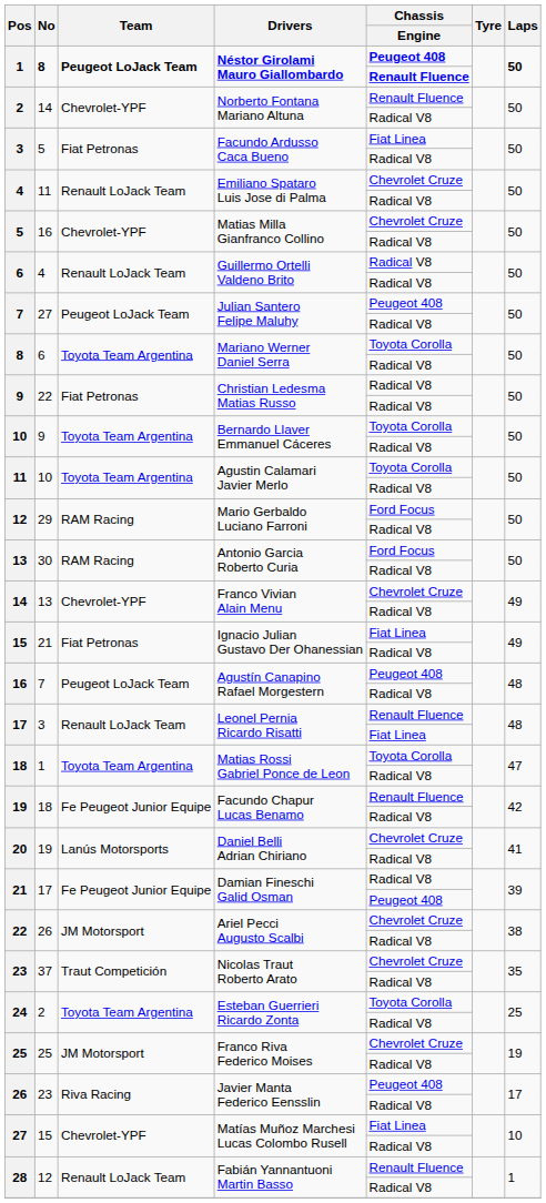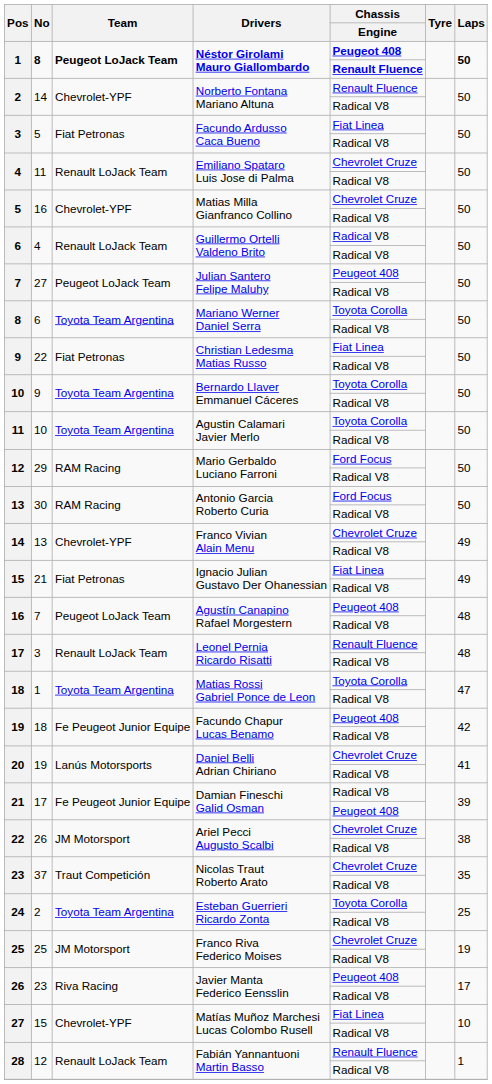 <table class="wikitable" style="font-size: 95%;">
 <tr>
 <th rowspan=2>Pos</th>
 <th rowspan=2>No</th>
 <th rowspan=2>Team</th>
 <th rowspan=2>Drivers</th>
 <th>Chassis</th>
 <th rowspan=2>Tyre</th>
 <th rowspan=2>Laps</th>
 </tr>
 <tr>
 <th>Engine</th>
 </tr>
 <tr style="font-weight:bold">
 <th rowspan=2>1</th>
 <td rowspan=2>8</td>
 <td rowspan=2>Peugeot LoJack Team</td>
 <td rowspan=2> <a href='#'>Néstor Girolami</a><br> <a href='#'>Mauro Giallombardo</a></td>
 <td><a href='#'>Peugeot 408</a></td>
 <td rowspan=2></td>
 <td rowspan=2>50</td>
 </tr>
 <tr style="font-weight:bold">
 <td><a href='#'>Renault Fluence</a></td>
 </tr>
 <tr>
 <th rowspan=2>2</th>
 <td rowspan=2>14</td>
 <td rowspan=2>Chevrolet-YPF</td>
 <td rowspan=2> <a href='#'>Norberto Fontana</a><br> Mariano Altuna</td>
 <td><a href='#'>Renault Fluence</a></td>
 <td rowspan=2></td>
 <td rowspan=2>50</td>
 </tr>
 <tr>
 <td>Radical V8</td>
 </tr>
 <tr>
 <th rowspan=2>3</th>
 <td rowspan=2>5</td>
 <td rowspan=2>Fiat Petronas</td>
 <td rowspan=2> <a href='#'>Facundo Ardusso</a><br> <a href='#'>Caca Bueno</a></td>
 <td><a href='#'>Fiat Linea</a></td>
 <td rowspan=2></td>
 <td rowspan=2>50</td>
 </tr>
 <tr>
 <td>Radical V8</td>
 </tr>
 <tr>
 <th rowspan=2>4</th>
 <td rowspan=2>11</td>
 <td rowspan=2>Renault LoJack Team</td>
 <td rowspan=2> <a href='#'>Emiliano Spataro</a><br> Luis Jose di Palma</td>
 <td><a href='#'>Chevrolet Cruze</a></td>
 <td rowspan=2></td>
 <td rowspan=2>50</td>
 </tr>
 <tr>
 <td>Radical V8</td>
 </tr>
 <tr>
 <th rowspan=2>5</th>
 <td rowspan=2>16</td>
 <td rowspan=2>Chevrolet-YPF</td>
 <td rowspan=2> Matias Milla<br> Gianfranco Collino</td>
 <td><a href='#'>Chevrolet Cruze</a></td>
 <td rowspan=2></td>
 <td rowspan=2>50</td>
 </tr>
 <tr>
 <td>Radical V8</td>
 </tr>
 <tr>
 <th rowspan=2>6</th>
 <td rowspan=2>4</td>
 <td rowspan=2>Renault LoJack Team</td>
 <td rowspan=2> <a href='#'>Guillermo Ortelli</a><br> <a href='#'>Valdeno Brito</a></td>
 <td><a href='#'>Radical</a> V8</td>
 <td rowspan=2></td>
 <td rowspan=2>50</td>
 </tr>
 <tr>
 <td>Radical V8</td>
 </tr>
 <tr>
 <th rowspan=2>7</th>
 <td rowspan=2>27</td>
 <td rowspan=2>Peugeot LoJack Team</td>
 <td rowspan=2> <a href='#'>Julian Santero</a><br> <a href='#'>Felipe Maluhy</a></td>
 <td><a href='#'>Peugeot 408</a></td>
 <td rowspan=2></td>
 <td rowspan=2>50</td>
 </tr>
 <tr>
 <td>Radical V8</td>
 </tr>
 <tr>
 <th rowspan=2>8</th>
 <td rowspan=2>6</td>
 <td rowspan=2><a href='#'>Toyota Team Argentina</a></td>
 <td rowspan=2> <a href='#'>Mariano Werner</a><br> <a href='#'>Daniel Serra</a></td>
 <td><a href='#'>Toyota Corolla</a></td>
 <td rowspan=2></td>
 <td rowspan=2>50</td>
 </tr>
 <tr>
 <td>Radical V8</td>
 </tr>
 <tr>
 <th rowspan=2>9</th>
 <td rowspan=2>22</td>
 <td rowspan=2>Fiat Petronas</td>
 <td rowspan=2> <a href='#'>Christian Ledesma</a><br> <a href='#'>Matias Russo</a></td>
-<td>Radical V8</td>
+<td><a href='#'>Fiat Linea</a></td>
 <td rowspan=2></td>
 <td rowspan=2>50</td>
 </tr>
 <tr>
 <td>Radical V8</td>
 </tr>
 <tr>
 <th rowspan=2>10</th>
 <td rowspan=2>9</td>
 <td rowspan=2><a href='#'>Toyota Team Argentina</a></td>
 <td rowspan=2> <a href='#'>Bernardo Llaver</a><br> Emmanuel Cáceres</td>
 <td><a href='#'>Toyota Corolla</a></td>
 <td rowspan=2></td>
 <td rowspan=2>50</td>
 </tr>
 <tr>
 <td>Radical V8</td>
 </tr>
 <tr>
 <th rowspan=2>11</th>
 <td rowspan=2>10</td>
 <td rowspan=2><a href='#'>Toyota Team Argentina</a></td>
 <td rowspan=2> Agustin Calamari<br> Javier Merlo</td>
 <td><a href='#'>Toyota Corolla</a></td>
 <td rowspan=2></td>
 <td rowspan=2>50</td>
 </tr>
 <tr>
 <td>Radical V8</td>
 </tr>
 <tr>
 <th rowspan=2>12</th>
 <td rowspan=2>29</td>
 <td rowspan=2>RAM Racing</td>
 <td rowspan=2> Mario Gerbaldo<br> Luciano Farroni</td>
 <td><a href='#'>Ford Focus</a></td>
 <td rowspan=2></td>
 <td rowspan=2>50</td>
 </tr>
 <tr>
 <td>Radical V8</td>
 </tr>
 <tr>
 <th rowspan=2>13</th>
 <td rowspan=2>30</td>
 <td rowspan=2>RAM Racing</td>
 <td rowspan=2> Antonio Garcia<br> Roberto Curia</td>
 <td><a href='#'>Ford Focus</a></td>
 <td rowspan=2></td>
 <td rowspan=2>50</td>
 </tr>
 <tr>
 <td>Radical V8</td>
 </tr>
 <tr>
 <th rowspan=2>14</th>
 <td rowspan=2>13</td>
 <td rowspan=2>Chevrolet-YPF</td>
 <td rowspan=2> Franco Vivian<br> <a href='#'>Alain Menu</a></td>
 <td><a href='#'>Chevrolet Cruze</a></td>
 <td rowspan=2></td>
 <td rowspan=2>49</td>
 </tr>
 <tr>
 <td>Radical V8</td>
 </tr>
 <tr>
 <th rowspan=2>15</th>
 <td rowspan=2>21</td>
 <td rowspan=2>Fiat Petronas</td>
 <td rowspan=2> Ignacio Julian<br> Gustavo Der Ohanessian</td>
 <td><a href='#'>Fiat Linea</a></td>
 <td rowspan=2></td>
 <td rowspan=2>49</td>
 </tr>
 <tr>
 <td>Radical V8</td>
 </tr>
 <tr>
 <th rowspan=2>16</th>
 <td rowspan=2>7</td>
 <td rowspan=2>Peugeot LoJack Team</td>
 <td rowspan=2> <a href='#'>Agustín Canapino</a><br> Rafael Morgestern</td>
 <td><a href='#'>Peugeot 408</a></td>
 <td rowspan=2></td>
 <td rowspan=2>48</td>
 </tr>
 <tr>
 <td>Radical V8</td>
 </tr>
 <tr>
 <th rowspan=2>17</th>
 <td rowspan=2>3</td>
 <td rowspan=2>Renault LoJack Team</td>
 <td rowspan=2> <a href='#'>Leonel Pernia</a><br> <a href='#'>Ricardo Risatti</a></td>
 <td><a href='#'>Renault Fluence</a></td>
 <td rowspan=2></td>
 <td rowspan=2>48</td>
 </tr>
 <tr>
-<td><a href='#'>Fiat Linea</a></td>
+<td>Radical V8</td>
 </tr>
 <tr>
 <th rowspan=2>18</th>
 <td rowspan=2>1</td>
 <td rowspan=2><a href='#'>Toyota Team Argentina</a></td>
 <td rowspan=2> <a href='#'>Matias Rossi</a><br> <a href='#'>Gabriel Ponce de Leon</a></td>
 <td><a href='#'>Toyota Corolla</a></td>
 <td rowspan=2></td>
 <td rowspan=2>47</td>
 </tr>
 <tr>
 <td>Radical V8</td>
 </tr>
 <tr>
 <th rowspan=2>19</th>
 <td rowspan=2>18</td>
 <td rowspan=2>Fe Peugeot Junior Equipe</td>
 <td rowspan=2> Facundo Chapur<br> <a href='#'>Lucas Benamo</a></td>
-<td><a href='#'>Renault Fluence</a></td>
+<td><a href='#'>Peugeot 408</a></td>
 <td rowspan=2></td>
 <td rowspan=2>42</td>
 </tr>
 <tr>
 <td>Radical V8</td>
 </tr>
 <tr>
 <th rowspan=2>20</th>
 <td rowspan=2>19</td>
 <td rowspan=2>Lanús Motorsports</td>
 <td rowspan=2> <a href='#'>Daniel Belli</a><br> Adrian Chiriano</td>
 <td><a href='#'>Chevrolet Cruze</a></td>
 <td rowspan=2></td>
 <td rowspan=2>41</td>
 </tr>
 <tr>
 <td>Radical V8</td>
 </tr>
 <tr>
 <th rowspan=2>21</th>
 <td rowspan=2>17</td>
 <td rowspan=2>Fe Peugeot Junior Equipe</td>
 <td rowspan=2> Damian Fineschi<br> <a href='#'>Galid Osman</a></td>
 <td>Radical V8</td>
 <td rowspan=2></td>
 <td rowspan=2>39</td>
 </tr>
 <tr>
 <td><a href='#'>Peugeot 408</a></td>
 </tr>
 <tr>
 <th rowspan=2>22</th>
 <td rowspan=2>26</td>
 <td rowspan=2>JM Motorsport</td>
 <td rowspan=2> Ariel Pecci<br> <a href='#'>Augusto Scalbi</a></td>
 <td><a href='#'>Chevrolet Cruze</a></td>
 <td rowspan=2></td>
 <td rowspan=2>38</td>
 </tr>
 <tr>
 <td>Radical V8</td>
 </tr>
 <tr>
 <th rowspan=2>23</th>
 <td rowspan=2>37</td>
 <td rowspan=2>Traut Competición</td>
 <td rowspan=2> Nicolas Traut<br> Roberto Arato</td>
 <td><a href='#'>Chevrolet Cruze</a></td>
 <td rowspan=2></td>
 <td rowspan=2>35</td>
 </tr>
 <tr>
 <td>Radical V8</td>
 </tr>
 <tr>
 <th rowspan=2>24</th>
 <td rowspan=2>2</td>
 <td rowspan=2><a href='#'>Toyota Team Argentina</a></td>
 <td rowspan=2> <a href='#'>Esteban Guerrieri</a><br> <a href='#'>Ricardo Zonta</a></td>
 <td><a href='#'>Toyota Corolla</a></td>
 <td rowspan=2></td>
 <td rowspan=2>25</td>
 </tr>
 <tr>
 <td>Radical V8</td>
 </tr>
 <tr>
 <th rowspan=2>25</th>
 <td rowspan=2>25</td>
 <td rowspan=2>JM Motorsport</td>
 <td rowspan=2> Franco Riva<br> Federico Moises</td>
 <td><a href='#'>Chevrolet Cruze</a></td>
 <td rowspan=2></td>
 <td rowspan=2>19</td>
 </tr>
 <tr>
 <td>Radical V8</td>
 </tr>
 <tr>
 <th rowspan=2>26</th>
 <td rowspan=2>23</td>
 <td rowspan=2>Riva Racing</td>
 <td rowspan=2> Javier Manta<br> Federico Eensslin</td>
 <td><a href='#'>Peugeot 408</a></td>
 <td rowspan=2></td>
 <td rowspan=2>17</td>
 </tr>
 <tr>
 <td>Radical V8</td>
 </tr>
 <tr>
 <th rowspan=2>27</th>
 <td rowspan=2>15</td>
 <td rowspan=2>Chevrolet-YPF</td>
 <td rowspan=2> Matías Muñoz Marchesi<br> Lucas Colombo Rusell</td>
 <td><a href='#'>Fiat Linea</a></td>
 <td rowspan=2></td>
 <td rowspan=2>10</td>
 </tr>
 <tr>
 <td>Radical V8</td>
 </tr>
 <tr>
 <th rowspan=2>28</th>
 <td rowspan=2>12</td>
 <td rowspan=2>Renault LoJack Team</td>
 <td rowspan=2> Fabián Yannantuoni<br> <a href='#'>Martin Basso</a></td>
 <td><a href='#'>Renault Fluence</a></td>
 <td rowspan=2></td>
 <td rowspan=2>1</td>
 </tr>
 <tr>
 <td>Radical V8</td>
 </tr>
 <tr>
 </tr>
 </table>
